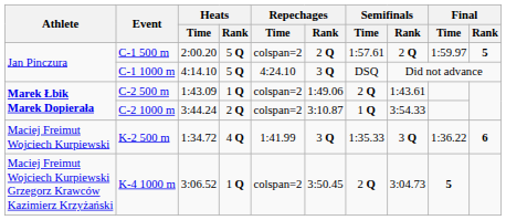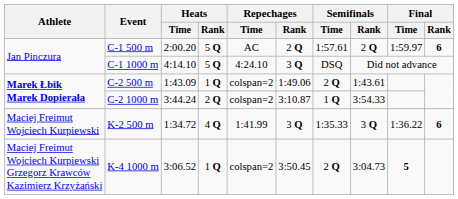 <table class="wikitable" style="font-size:90%">
 <tr>
 <th rowspan=2>Athlete</th>
 <th rowspan=2>Event</th>
 <th colspan=2>Heats</th>
 <th colspan=2>Repechages</th>
 <th colspan=2>Semifinals</th>
 <th colspan=2>Final</th>
 </tr>
 <tr style="font-size:95%">
 <th>Time</th>
 <th>Rank</th>
 <th>Time</th>
 <th>Rank</th>
 <th>Time</th>
 <th>Rank</th>
 <th>Time</th>
 <th>Rank</th>
 </tr>
 <tr align=center>
 <td align=left rowspan=2><a href='#'>Jan Pinczura</a></td>
 <td align=left><a href='#'>C-1 500 m</a></td>
 <td>2:00.20</td>
 <td>5 <strong>Q</strong></td>
-<td>colspan=2 </td>
+<td>AC</td>
 <td>2 <strong>Q</strong></td>
 <td>1:57.61</td>
 <td>2 <strong>Q</strong></td>
 <td>1:59.97</td>
-<td><strong>5</strong></td>
+<td><strong>6</strong></td>
 </tr>
 <tr align=center>
 <td align=left><a href='#'>C-1 1000 m</a></td>
 <td>4:14.10</td>
 <td>5 <strong>Q</strong></td>
 <td>4:24.10</td>
 <td>3 <strong>Q</strong></td>
 <td>DSQ</td>
 <td colspan=3>Did not advance</td>
 </tr>
 <tr align=center>
 <td align=left rowspan=2><strong><a href='#'>Marek Łbik</a><br> <a href='#'>Marek Dopierała</a></strong></td>
 <td align=left><a href='#'>C-2 500 m</a></td>
 <td>1:43.09</td>
 <td>1 <strong>Q</strong></td>
 <td>colspan=2 </td>
 <td>1:49.06</td>
 <td>2 <strong>Q</strong></td>
 <td>1:43.61</td>
 <td></td>
 </tr>
 <tr align=center>
 <td align=left><a href='#'>C-2 1000 m</a></td>
 <td>3:44.24</td>
 <td>2 <strong>Q</strong></td>
 <td>colspan=2 </td>
 <td>3:10.87</td>
 <td>1 <strong>Q</strong></td>
 <td>3:54.33</td>
 <td></td>
 </tr>
 <tr align=center>
 <td align=left><a href='#'>Maciej Freimut</a><br><a href='#'>Wojciech Kurpiewski</a></td>
 <td align=left><a href='#'>K-2 500 m</a></td>
 <td>1:34.72</td>
 <td>4 <strong>Q</strong></td>
 <td>1:41.99</td>
 <td>3 <strong>Q</strong></td>
 <td>1:35.33</td>
 <td>3 <strong>Q</strong></td>
 <td>1:36.22</td>
 <td><strong>6</strong></td>
 </tr>
 <tr align=center>
 <td align=left><a href='#'>Maciej Freimut</a><br> <a href='#'>Wojciech Kurpiewski</a><br><a href='#'>Grzegorz Krawców</a><br><a href='#'>Kazimierz Krzyżański</a></td>
 <td align=left><a href='#'>K-4 1000 m</a></td>
 <td>3:06.52</td>
 <td>1 <strong>Q</strong></td>
 <td>colspan=2 </td>
 <td>3:50.45</td>
 <td>2 <strong>Q</strong></td>
 <td>3:04.73</td>
 <td><strong>5</strong></td>
 </tr>
 </table>
